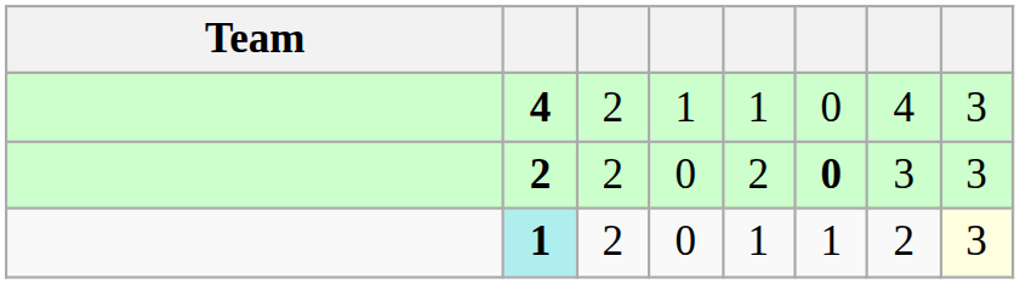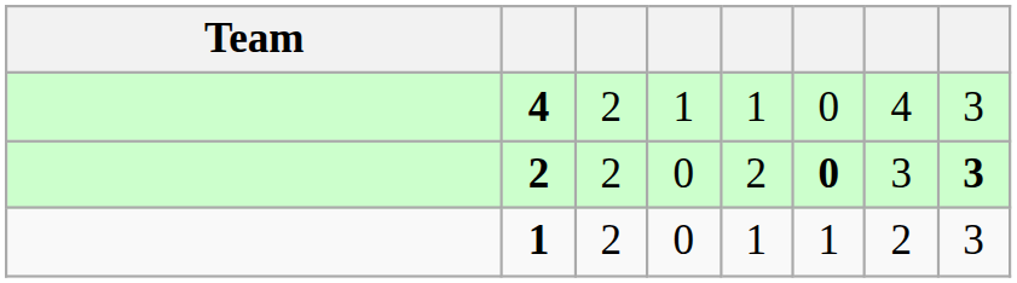 <table class="wikitable" style="text-align: center;">
 <tr>
 <th width=180>Team</th>
 <th width=20></th>
 <th width=20></th>
 <th width=20></th>
 <th width=20></th>
 <th width=20></th>
 <th width=20></th>
 <th width=20></th>
 </tr>
 <tr bgcolor=ccffcc>
 <td align=left></td>
 <td><strong>4</strong></td>
 <td>2</td>
 <td>1</td>
 <td>1</td>
 <td>0</td>
 <td>4</td>
 <td>3</td>
 </tr>
 <tr bgcolor=ccffcc>
 <td align=left></td>
 <td><strong>2</strong></td>
 <td>2</td>
 <td>0</td>
 <td>2</td>
 <td><strong>0</strong></td>
 <td>3</td>
-<td>3</td>
+<td><strong>3</strong></td>
 </tr>
 <tr>
 <td align=left></td>
-<td style="background: paleturquoise;"><strong>1</strong></td>
+<td><strong>1</strong></td>
 <td>2</td>
 <td>0</td>
 <td>1</td>
 <td>1</td>
 <td>2</td>
-<td style="background: lightyellow;">3</td>
+<td>3</td>
 </tr>
 </table>
